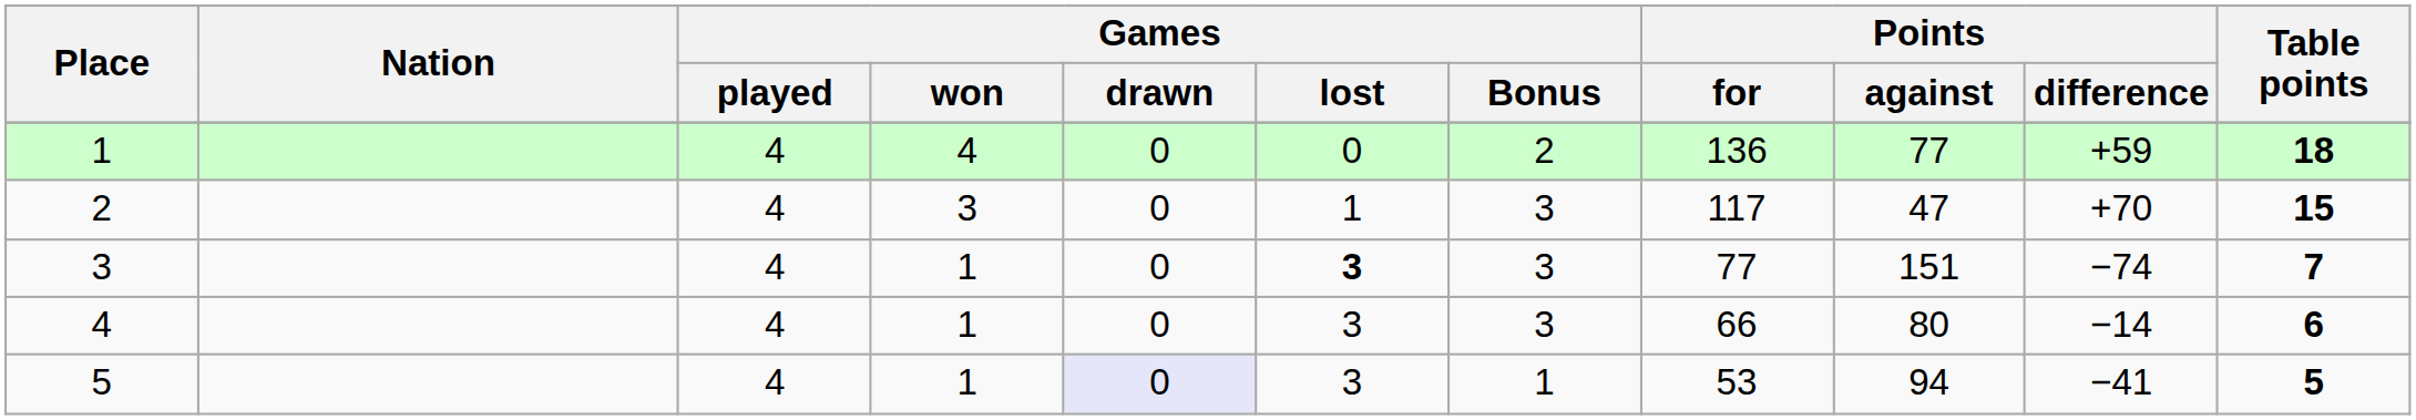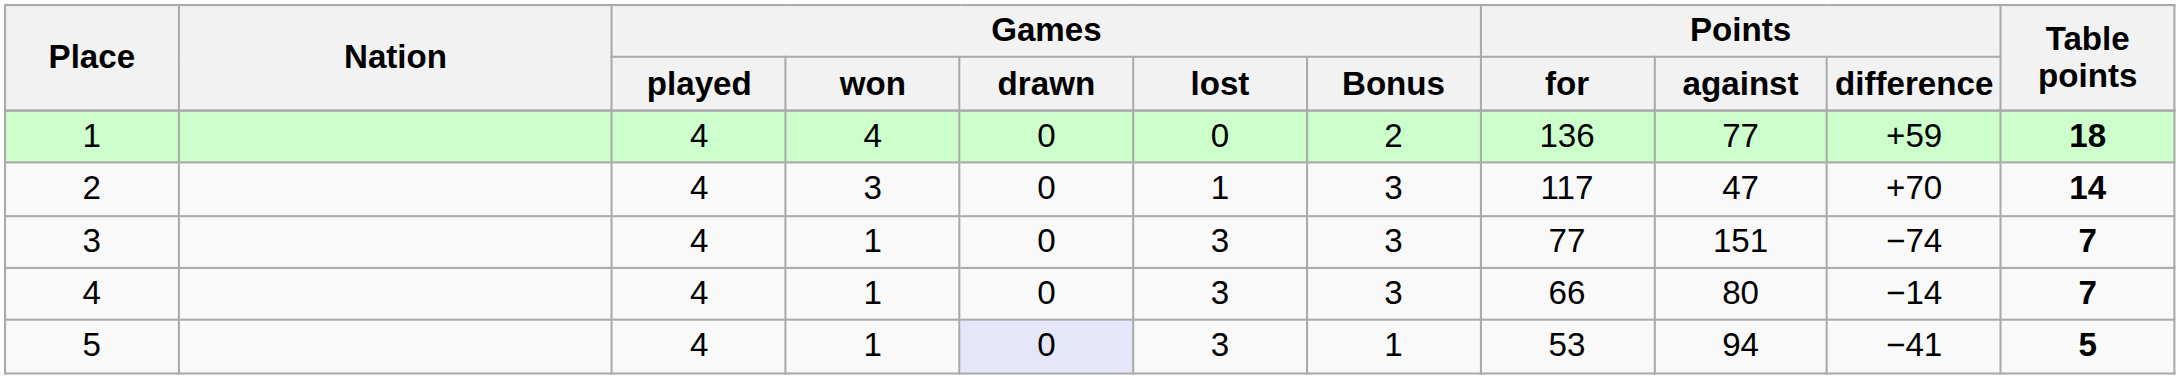 <table class="wikitable">
 <tr>
 <th rowspan=2 width="8%">Place</th>
 <th rowspan=2 width="20%">Nation</th>
 <th colspan=5 width="40%">Games</th>
 <th colspan=3 width="24%">Points</th>
 <th rowspan=2 width="10%">Table<br>points</th>
 </tr>
 <tr>
 <th width="8%">played</th>
 <th width="8%">won</th>
 <th width="8%">drawn</th>
 <th width="8%">lost</th>
 <th width="8%">Bonus</th>
 <th width="8%">for</th>
 <th width="8%">against</th>
 <th width="8%">difference</th>
 </tr>
 <tr>
 </tr>
 <tr align=center bgcolor="#ccffcc">
 <td>1</td>
 <td align=left></td>
 <td>4</td>
 <td>4</td>
 <td>0</td>
 <td>0</td>
 <td>2</td>
 <td>136</td>
 <td>77</td>
 <td>+59</td>
 <td><strong>18</strong></td>
 </tr>
 <tr align=center>
 <td>2</td>
 <td align=left></td>
 <td>4</td>
 <td>3</td>
 <td>0</td>
 <td>1</td>
 <td>3</td>
 <td>117</td>
 <td>47</td>
 <td>+70</td>
-<td><strong>15</strong></td>
+<td><strong>14</strong></td>
 </tr>
 <tr align=center>
 <td>3</td>
 <td align=left></td>
 <td>4</td>
 <td>1</td>
 <td>0</td>
-<td><strong>3</strong></td>
+<td>3</td>
 <td>3</td>
 <td>77</td>
 <td>151</td>
 <td>−74</td>
 <td><strong>7</strong></td>
 </tr>
 <tr align=center>
 <td>4</td>
 <td align=left></td>
 <td>4</td>
 <td>1</td>
 <td>0</td>
 <td>3</td>
 <td>3</td>
 <td>66</td>
 <td>80</td>
 <td>−14</td>
-<td><strong>6</strong></td>
+<td><strong>7</strong></td>
 </tr>
 <tr align=center>
 <td>5</td>
 <td align=left></td>
 <td>4</td>
 <td>1</td>
 <td style="background: lavender;">0</td>
 <td>3</td>
 <td>1</td>
 <td>53</td>
 <td>94</td>
 <td>−41</td>
 <td><strong>5</strong></td>
 </tr>
 </table>
